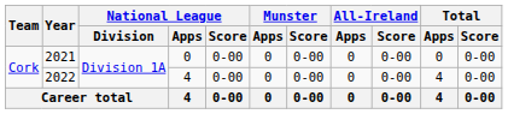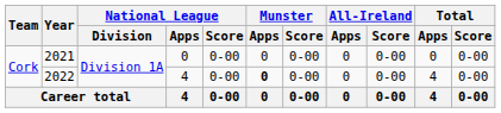 <table class="wikitable" style="text-align:center">
 <tr>
 <th rowspan="2">Team</th>
 <th rowspan="2">Year</th>
 <th colspan="3"><a href='#'>National League</a></th>
 <th colspan="2"><a href='#'>Munster</a></th>
 <th colspan="2"><a href='#'>All-Ireland</a></th>
 <th colspan="2">Total</th>
 </tr>
 <tr>
 <th>Division</th>
 <th>Apps</th>
 <th>Score</th>
 <th>Apps</th>
 <th>Score</th>
 <th>Apps</th>
 <th>Score</th>
 <th>Apps</th>
 <th>Score</th>
 </tr>
 <tr>
 <td rowspan="2"><a href='#'>Cork</a></td>
 <td>2021</td>
 <td rowspan="2"><a href='#'>Division 1A</a></td>
 <td>0</td>
 <td>0-00</td>
 <td>0</td>
 <td>0-00</td>
 <td>0</td>
 <td>0-00</td>
 <td>0</td>
 <td>0-00</td>
 </tr>
 <tr>
 <td>2022</td>
 <td>4</td>
 <td>0-00</td>
-<td>0</td>
+<td><strong>0</strong></td>
 <td>0-00</td>
 <td>0</td>
 <td>0-00</td>
 <td>4</td>
 <td>0-00</td>
 </tr>
 <tr>
 <th colspan="3">Career total</th>
 <th>4</th>
 <th>0-00</th>
 <th>0</th>
 <th>0-00</th>
 <th>0</th>
 <th>0-00</th>
 <th>4</th>
 <th>0-00</th>
 </tr>
 </table>
